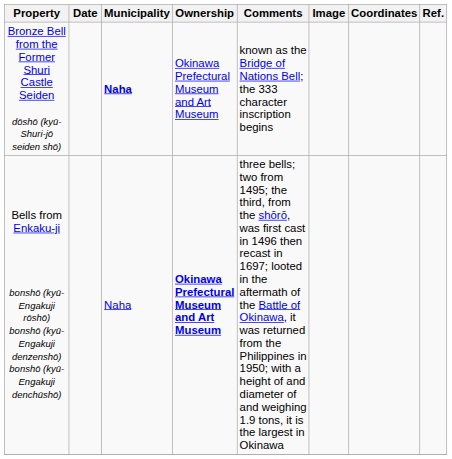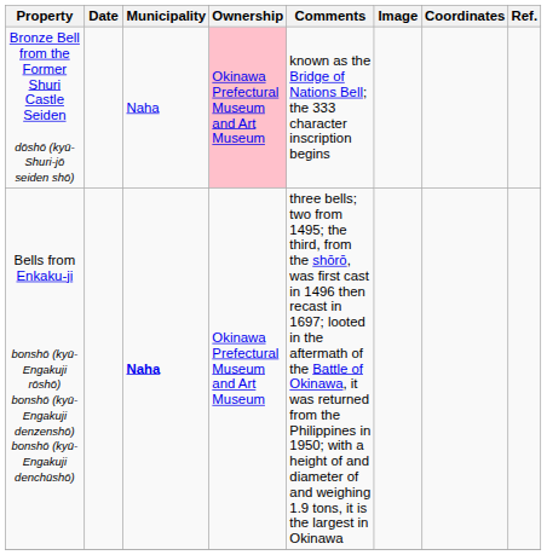 <table class="wikitable sortable"  style="width:100%;">
 <tr>
 <th width="25%" align="left">Property</th>
 <th width="10%" align="left">Date</th>
 <th width="10%" align="left">Municipality</th>
 <th width="10%" align="left">Ownership</th>
 <th width="25%" align="left" class="unsortable">Comments</th>
 <th width="10%" align="left" class="unsortable">Image</th>
 <th width="5%" align="left" class="unsortable">Coordinates</th>
 <th width="5%" align="left" class="unsortable">Ref.</th>
 </tr>
 <tr>
 <td align="center"><a href='#'>Bronze Bell from the Former Shuri Castle Seiden</a><br><br><small><em>dōshō (kyū-Shuri-jō seiden shō)</em></small></td>
 <td></td>
-<td><strong><a href='#'>Naha</a></strong></td>
-<td><a href='#'>Okinawa Prefectural Museum and Art Museum</a></td>
+<td><a href='#'>Naha</a></td>
+<td style="background: pink;"><a href='#'>Okinawa Prefectural Museum and Art Museum</a></td>
 <td>known as the <a href='#'>Bridge of Nations Bell</a>; the 333 character inscription begins </td>
 <td></td>
 <td></td>
 <td></td>
 </tr>
 <tr>
 <td align="center">Bells from <a href='#'>Enkaku-ji</a><br><br><br><br><br><small><em>bonshō (kyū-Engakuji rōshō)<br>bonshō (kyū-Engakuji denzenshō)<br>bonshō (kyū-Engakuji denchūshō)</em></small></td>
 <td></td>
-<td><a href='#'>Naha</a></td>
-<td><strong><a href='#'>Okinawa Prefectural Museum and Art Museum</a></strong></td>
+<td><strong><a href='#'>Naha</a></strong></td>
+<td><a href='#'>Okinawa Prefectural Museum and Art Museum</a></td>
 <td>three bells; two from 1495; the third, from the <a href='#'>shōrō</a>, was first cast in 1496 then recast in 1697; looted in the aftermath of the <a href='#'>Battle of Okinawa</a>, it was returned from the Philippines in 1950; with a height of  and diameter of  and weighing 1.9 tons, it is the largest in Okinawa</td>
 <td></td>
 <td></td>
 <td>  </td>
 </tr>
 <tr>
 </tr>
 </table>
